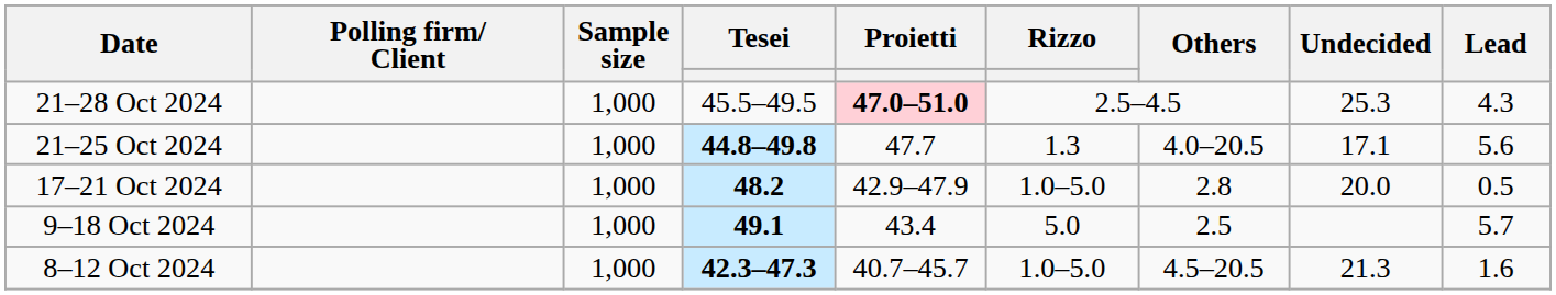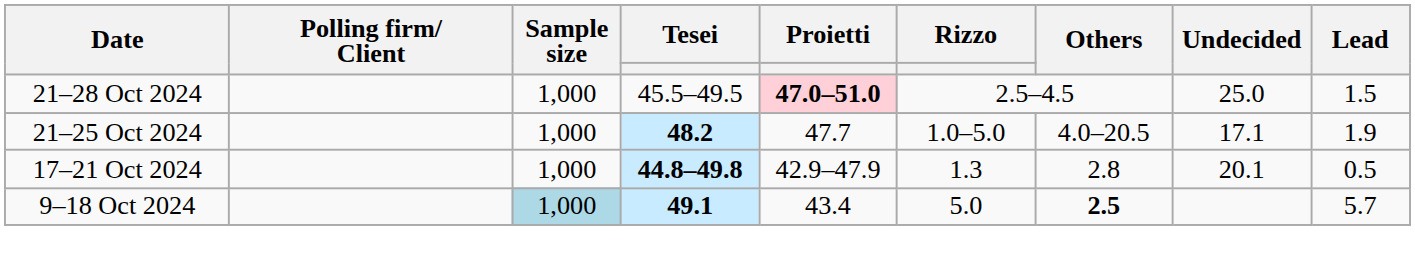 <table class="wikitable collapsible" style="text-align:center;font-size:85%;line-height:13px">
 <tr style="height:30px; background-color:#E9E9E9">
 <th style="width:110px;" rowspan="2">Date</th>
 <th style="width:140px;" rowspan="2">Polling firm/<br>Client</th>
 <th style="width:50px;" rowspan="2">Sample size</th>
 <th style="width:65px;">Tesei</th>
 <th style="width:65px;">Proietti</th>
 <th style="width:65px;">Rizzo</th>
 <th style="width:65px;" rowspan="2">Others</th>
 <th style="width:65px;" rowspan="2">Undecided</th>
 <th style="width:45px;" rowspan="2">Lead</th>
 </tr>
 <tr>
 <th style="background:"></th>
 <th style="background:"></th>
 <th style="background:"></th>
 </tr>
 <tr>
 <td>21–28 Oct 2024</td>
 <td></td>
 <td>1,000</td>
 <td>45.5–49.5</td>
 <td style="background:#FFD0D7"><strong>47.0–51.0</strong></td>
 <td colspan="2">2.5–4.5</td>
-<td>25.3</td>
-<td style="background:">4.3</td>
+<td>25.0</td>
+<td style="background:">1.5</td>
 </tr>
 <tr>
 <td>21–25 Oct 2024</td>
 <td></td>
 <td>1,000</td>
-<td style="background:#C8EBFF"><strong>44.8–49.8</strong></td>
+<td style="background:#C8EBFF"><strong>48.2</strong></td>
 <td>47.7</td>
-<td>1.3</td>
+<td>1.0–5.0</td>
 <td>4.0–20.5</td>
 <td>17.1</td>
-<td style="background:">5.6</td>
+<td style="background:">1.9</td>
 </tr>
 <tr>
 <td>17–21 Oct 2024</td>
 <td></td>
 <td>1,000</td>
-<td style="background:#C8EBFF"><strong>48.2</strong></td>
+<td style="background:#C8EBFF"><strong>44.8–49.8</strong></td>
 <td>42.9–47.9</td>
-<td>1.0–5.0</td>
+<td>1.3</td>
 <td>2.8</td>
-<td>20.0</td>
+<td>20.1</td>
 <td style="background:">0.5</td>
 </tr>
 <tr>
 <td>9–18 Oct 2024</td>
 <td></td>
-<td>1,000</td>
+<td style="background: lightblue;">1,000</td>
 <td style="background:#C8EBFF"><strong>49.1</strong></td>
 <td>43.4</td>
 <td>5.0</td>
-<td>2.5</td>
+<td><strong>2.5</strong></td>
 <td></td>
 <td style="background:">5.7</td>
 </tr>
-<tr>
-<td>8–12 Oct 2024</td>
-<td></td>
-<td>1,000</td>
-<td style="background:#C8EBFF"><strong>42.3–47.3</strong></td>
-<td>40.7–45.7</td>
-<td>1.0–5.0</td>
-<td>4.5–20.5</td>
-<td>21.3</td>
-<td style="background:">1.6</td>
-</tr>
 </table>
